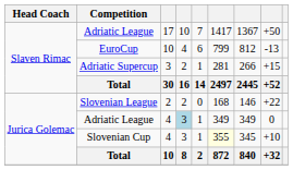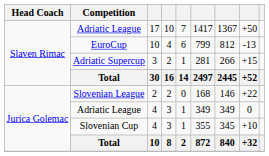 <table class="wikitable" style="font-size:95%; text-align:center;">
 <tr>
 <th>Head Coach</th>
 <th>Competition</th>
 <th></th>
 <th></th>
 <th></th>
 <th></th>
 <th></th>
 <th></th>
 <th></th>
 </tr>
 <tr>
 <td rowspan=4> <a href='#'>Slaven Rimac</a></td>
 <td><a href='#'>Adriatic League</a></td>
 <td>17</td>
 <td>10</td>
 <td>7</td>
 <td>1417</td>
 <td>1367</td>
 <td>+50</td>
 <td></td>
 </tr>
 <tr>
 <td><a href='#'>EuroCup</a></td>
 <td>10</td>
 <td>4</td>
 <td>6</td>
 <td>799</td>
 <td>812</td>
 <td>-13</td>
 <td></td>
 </tr>
 <tr>
 <td><a href='#'>Adriatic Supercup</a></td>
 <td>3</td>
 <td>2</td>
 <td>1</td>
 <td>281</td>
 <td>266</td>
 <td>+15</td>
 <td></td>
 </tr>
 <tr>
 <th>Total</th>
 <th>30</th>
 <th>16</th>
 <th>14</th>
 <th>2497</th>
 <th>2445</th>
 <th>+52</th>
 <th></th>
 </tr>
 <tr>
 <td rowspan=4> <a href='#'>Jurica Golemac</a></td>
 <td><a href='#'>Slovenian League</a></td>
 <td>2</td>
 <td>2</td>
 <td>0</td>
 <td>168</td>
 <td>146</td>
 <td>+22</td>
 <td></td>
 </tr>
 <tr>
 <td>Adriatic League</td>
 <td>4</td>
-<td style="background: lightblue;">3</td>
+<td>3</td>
 <td>1</td>
 <td>349</td>
 <td>349</td>
 <td>0</td>
 <td></td>
 </tr>
 <tr>
 <td>Slovenian Cup</td>
 <td>4</td>
 <td>3</td>
 <td>1</td>
-<td style="background: lightyellow;">355</td>
+<td>355</td>
 <td>345</td>
 <td>+10</td>
 <td></td>
 </tr>
 <tr>
 <th>Total</th>
 <th>10</th>
 <th>8</th>
 <th>2</th>
 <th>872</th>
 <th>840</th>
 <th>+32</th>
 <th></th>
 </tr>
 <tr>
 </tr>
 </table>
